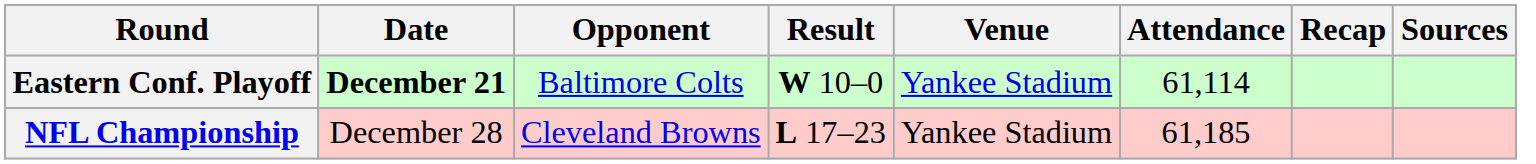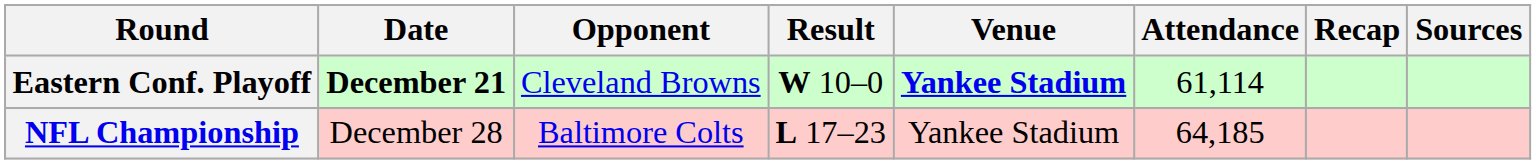 <table class="wikitable" style="text-align:center">
 <tr>
 <th>Round</th>
 <th>Date</th>
 <th>Opponent</th>
 <th>Result</th>
 <th>Venue</th>
 <th>Attendance</th>
 <th>Recap</th>
 <th>Sources</th>
 </tr>
 <tr style="background:#cfc">
 <th>Eastern Conf. Playoff</th>
 <td><strong>December 21</strong></td>
-<td><a href='#'>Baltimore Colts</a></td>
+<td><a href='#'>Cleveland Browns</a></td>
 <td><strong>W</strong> 10–0</td>
-<td><a href='#'>Yankee Stadium</a></td>
+<td><strong><a href='#'>Yankee Stadium</a></strong></td>
 <td>61,114</td>
 <td></td>
 <td></td>
 </tr>
 <tr style="background:#fcc">
 <th><a href='#'>NFL Championship</a></th>
 <td>December 28</td>
-<td><a href='#'>Cleveland Browns</a></td>
+<td><a href='#'>Baltimore Colts</a></td>
 <td><strong>L</strong> 17–23</td>
 <td>Yankee Stadium</td>
-<td>61,185</td>
+<td>64,185</td>
 <td></td>
 <td></td>
 </tr>
 </table>
